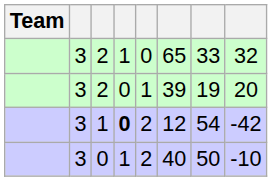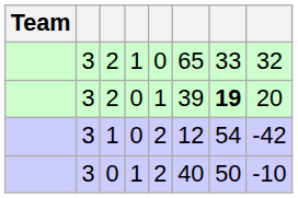 <table class="wikitable" style="text-align: center;">
 <tr>
 <th>Team</th>
 <th></th>
 <th></th>
 <th></th>
 <th></th>
 <th></th>
 <th></th>
 <th></th>
 </tr>
 <tr bgcolor="ccffcc">
 <td align="left"></td>
 <td>3</td>
 <td>2</td>
 <td>1</td>
 <td>0</td>
 <td>65</td>
 <td>33</td>
 <td>32</td>
 </tr>
 <tr bgcolor="ccffcc">
 <td align="left"></td>
 <td>3</td>
 <td>2</td>
 <td>0</td>
 <td>1</td>
 <td>39</td>
-<td>19</td>
+<td><strong>19</strong></td>
 <td>20</td>
 </tr>
 <tr bgcolor="ccccff">
 <td align="left"></td>
 <td>3</td>
 <td>1</td>
-<td><strong>0</strong></td>
+<td>0</td>
 <td>2</td>
 <td>12</td>
 <td>54</td>
 <td>-42</td>
 </tr>
 <tr bgcolor="ccccff">
 <td align="left"></td>
 <td>3</td>
 <td>0</td>
 <td>1</td>
 <td>2</td>
 <td>40</td>
 <td>50</td>
 <td>-10</td>
 </tr>
 </table>
